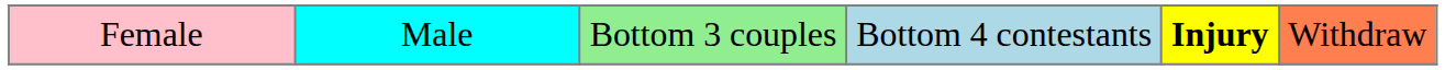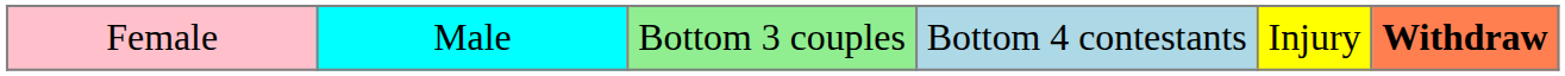 <table border="2" cellpadding="4" style="border: 1px solid gray; border-collapse: collapse; margin:1em auto; text-align:center;">
 <tr>
 </tr>
 <tr>
 <td style="background:pink; width:20%;">Female</td>
 <td style="background:cyan; width:20%;">Male</td>
 <td style="background:lightgreen;">Bottom 3 couples</td>
 <td style="background:lightblue;">Bottom 4 contestants</td>
-<td style="background:yellow;"><strong>Injury</strong></td>
-<td style="background:coral;">Withdraw</td>
+<td style="background:yellow;">Injury</td>
+<td style="background:coral;"><strong>Withdraw</strong></td>
 </tr>
 </table>
